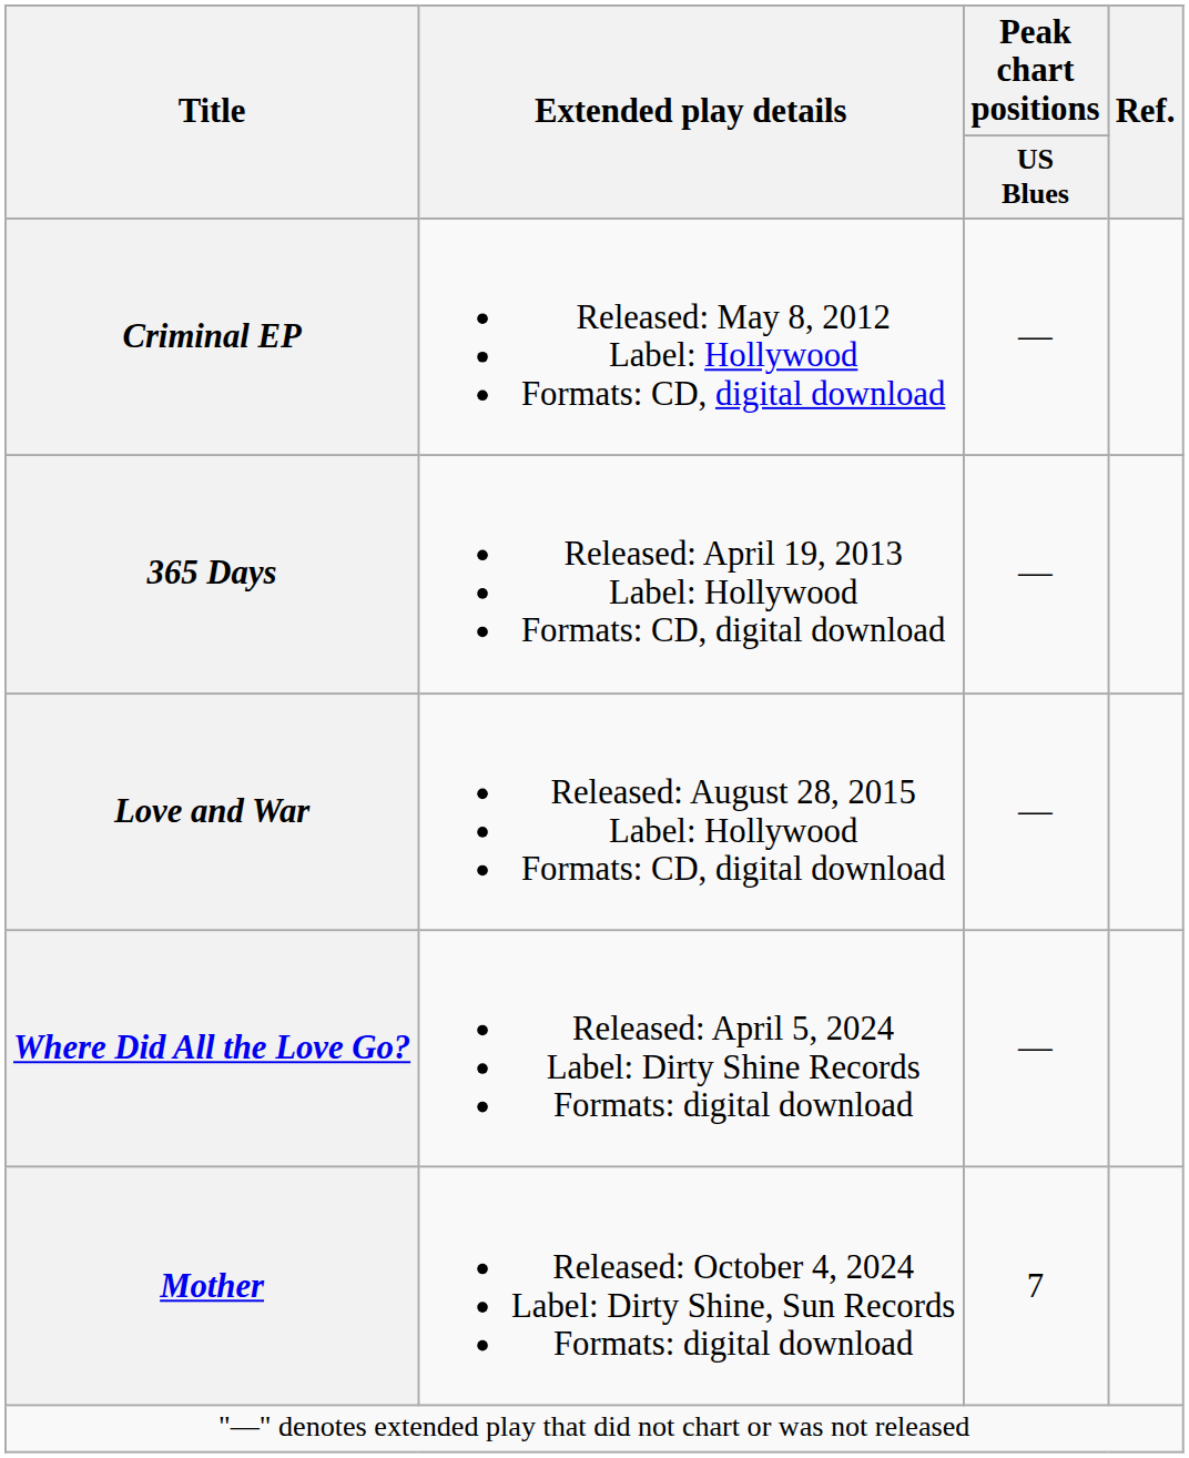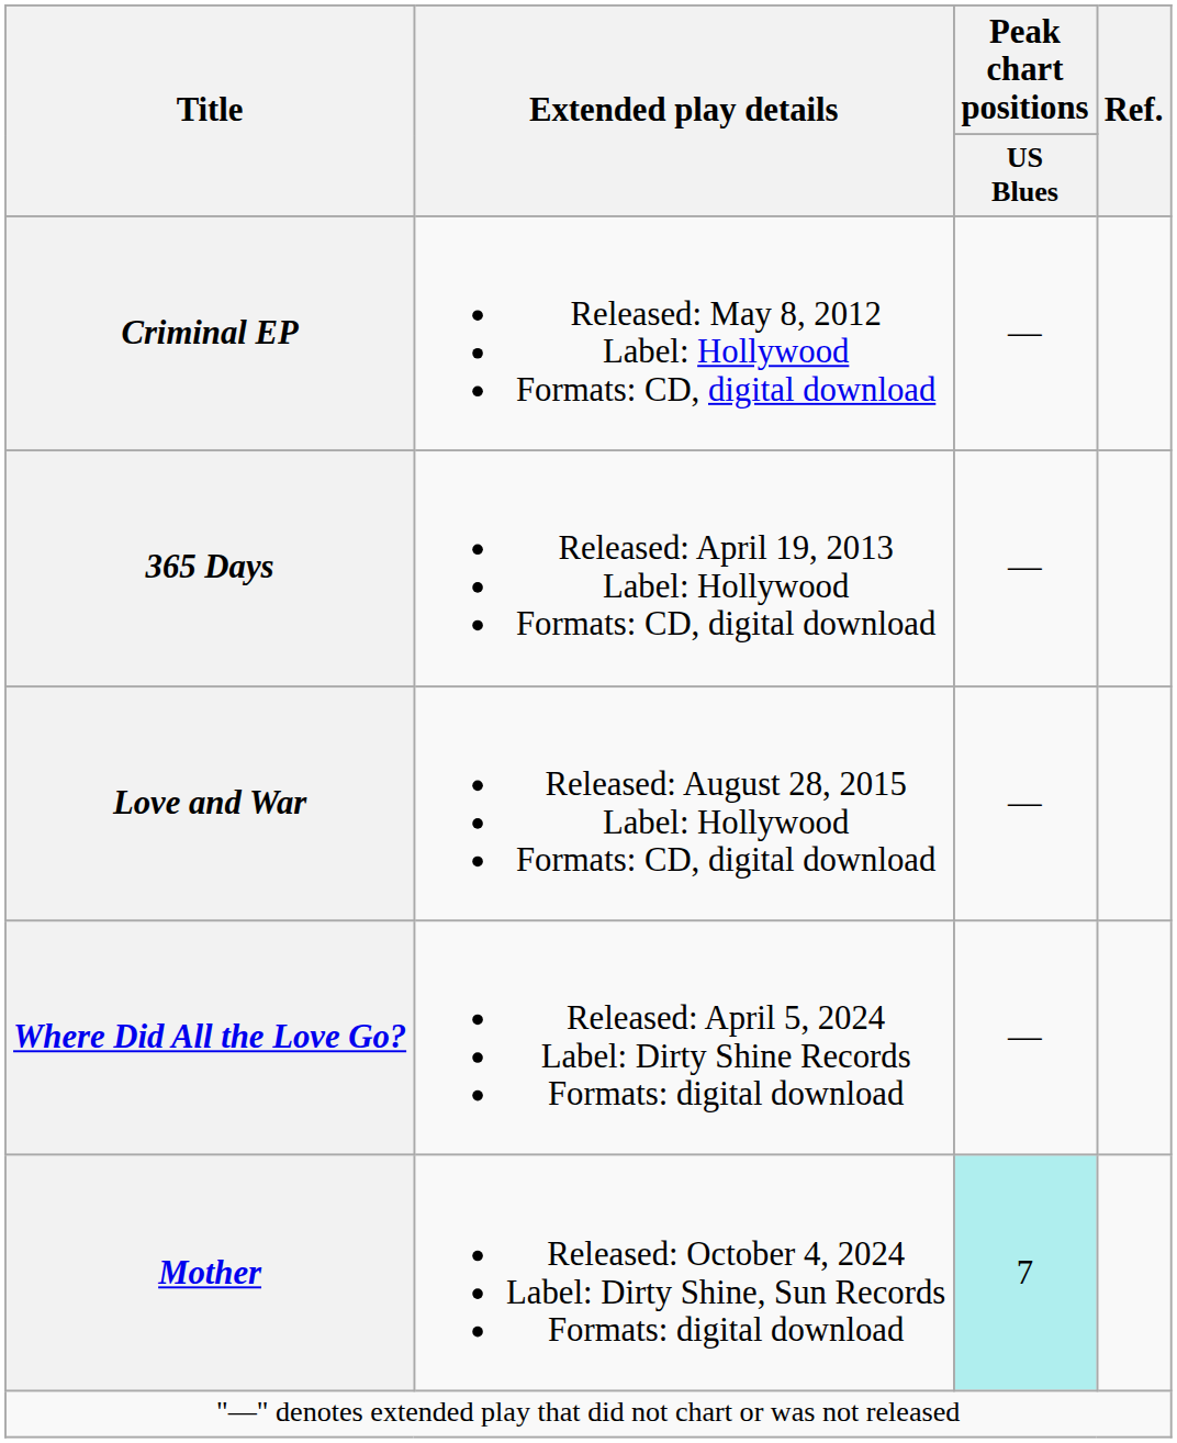 <table class="wikitable plainrowheaders" style="text-align:center;">
 <tr>
 <th rowspan="2" scope="col">Title</th>
 <th rowspan="2" scope="col">Extended play details</th>
 <th scope="col">Peak chart positions</th>
 <th rowspan="2">Ref.</th>
 </tr>
 <tr>
 <th scope="col" style="width:3em;font-size:85%;">US<br>Blues<br></th>
 </tr>
 <tr>
 <th scope="row"><em>Criminal EP</em></th>
 <td><br><ul><li>Released: May 8, 2012</li><li>Label: <a href='#'>Hollywood</a></li><li>Formats: CD, <a href='#'>digital download</a></li></ul></td>
 <td>—</td>
 <td></td>
 </tr>
 <tr>
 <th scope="row"><em>365 Days</em></th>
 <td><br><ul><li>Released: April 19, 2013</li><li>Label: Hollywood</li><li>Formats: CD, digital download</li></ul></td>
 <td>—</td>
 <td></td>
 </tr>
 <tr>
 <th scope="row"><em>Love and War</em></th>
 <td><br><ul><li>Released: August 28, 2015</li><li>Label: Hollywood</li><li>Formats: CD, digital download</li></ul></td>
 <td>—</td>
 <td></td>
 </tr>
 <tr>
 <th scope="row"><em><a href='#'>Where Did All the Love Go?</a></em></th>
 <td><br><ul><li>Released: April 5, 2024</li><li>Label: Dirty Shine Records</li><li>Formats: digital download</li></ul></td>
 <td>—</td>
 <td></td>
 </tr>
 <tr>
 <th scope="row"><em><a href='#'>Mother</a></em></th>
 <td><br><ul><li>Released: October 4, 2024</li><li>Label: Dirty Shine, Sun Records</li><li>Formats: digital download</li></ul></td>
-<td>7</td>
+<td style="background: paleturquoise;">7</td>
 <td></td>
 </tr>
 <tr>
 <td colspan="4" style="font-size:85%">"—" denotes extended play that did not chart or was not released</td>
 </tr>
 </table>
